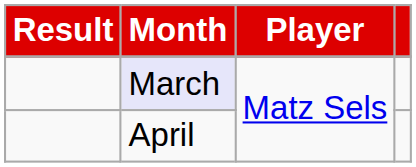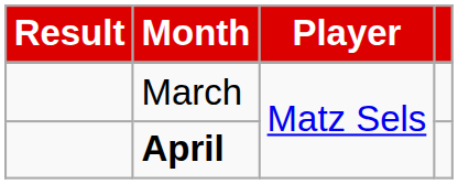 <table class="wikitable" style="text-align:left">
 <tr>
 <th style="background:#DD0000; color:#FFFFFF; ">Result</th>
 <th style="background:#DD0000; color:#FFFFFF; ">Month</th>
 <th style="background:#DD0000;color:#FFFFFF; ">Player</th>
 <th style="background:#DD0000; color:#FFFFFF; "></th>
 </tr>
 <tr>
 </tr>
 <tr>
 <td></td>
-<td style="background: lavender;">March</td>
+<td>March</td>
 <td rowspan="2"> <a href='#'>Matz Sels</a></td>
 <td></td>
 </tr>
 <tr>
 <td></td>
-<td>April</td>
+<td><strong>April</strong></td>
 <td></td>
 </tr>
 </table>
